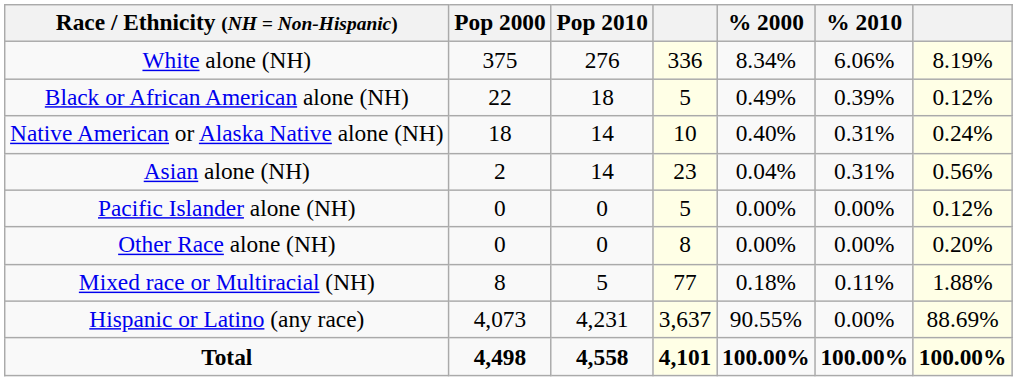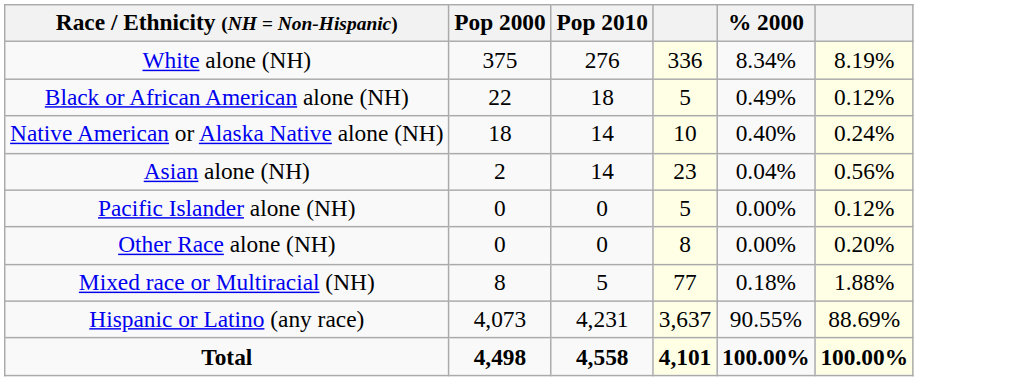 <table class="wikitable" style="text-align:center;">
 <tr>
 <th>Race / Ethnicity <small>(<em>NH = Non-Hispanic</em>)</small></th>
 <th>Pop 2000</th>
 <th>Pop 2010</th>
 <th></th>
 <th>% 2000</th>
-<th>% 2010</th>
 <th></th>
 </tr>
 <tr>
 <td><a href='#'>White</a> alone (NH)</td>
 <td>375</td>
 <td>276</td>
 <td style='background: #ffffe6;'>336</td>
 <td>8.34%</td>
-<td>6.06%</td>
 <td style='background: #ffffe6;'>8.19%</td>
 </tr>
 <tr>
 <td><a href='#'>Black or African American</a> alone (NH)</td>
 <td>22</td>
 <td>18</td>
 <td style='background: #ffffe6;'>5</td>
 <td>0.49%</td>
-<td>0.39%</td>
 <td style='background: #ffffe6;'>0.12%</td>
 </tr>
 <tr>
 <td><a href='#'>Native American</a> or <a href='#'>Alaska Native</a> alone (NH)</td>
 <td>18</td>
 <td>14</td>
 <td style='background: #ffffe6;'>10</td>
 <td>0.40%</td>
-<td>0.31%</td>
 <td style='background: #ffffe6;'>0.24%</td>
 </tr>
 <tr>
 <td><a href='#'>Asian</a> alone (NH)</td>
 <td>2</td>
 <td>14</td>
 <td style='background: #ffffe6;'>23</td>
 <td>0.04%</td>
-<td>0.31%</td>
 <td style='background: #ffffe6;'>0.56%</td>
 </tr>
 <tr>
 <td><a href='#'>Pacific Islander</a> alone (NH)</td>
 <td>0</td>
 <td>0</td>
 <td style='background: #ffffe6;'>5</td>
-<td>0.00%</td>
 <td>0.00%</td>
 <td style='background: #ffffe6;'>0.12%</td>
 </tr>
 <tr>
 <td><a href='#'>Other Race</a> alone (NH)</td>
 <td>0</td>
 <td>0</td>
 <td style='background: #ffffe6;'>8</td>
 <td>0.00%</td>
-<td>0.00%</td>
 <td style='background: #ffffe6;'>0.20%</td>
 </tr>
 <tr>
 <td><a href='#'>Mixed race or Multiracial</a> (NH)</td>
 <td>8</td>
 <td>5</td>
 <td style='background: #ffffe6;'>77</td>
 <td>0.18%</td>
-<td>0.11%</td>
 <td style='background: #ffffe6;'>1.88%</td>
 </tr>
 <tr>
 <td><a href='#'>Hispanic or Latino</a> (any race)</td>
 <td>4,073</td>
 <td>4,231</td>
 <td style='background: #ffffe6;'>3,637</td>
 <td>90.55%</td>
-<td>0.00%</td>
 <td style='background: #ffffe6;'>88.69%</td>
 </tr>
 <tr>
 <td><strong>Total</strong></td>
 <td><strong>4,498</strong></td>
 <td><strong>4,558</strong></td>
 <td style='background: #ffffe6;'><strong>4,101</strong></td>
 <td><strong>100.00%</strong></td>
-<td><strong>100.00%</strong></td>
 <td style='background: #ffffe6;'><strong>100.00%</strong></td>
 </tr>
 </table>
